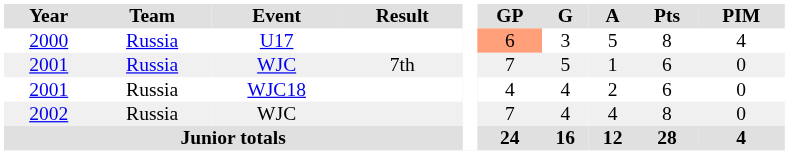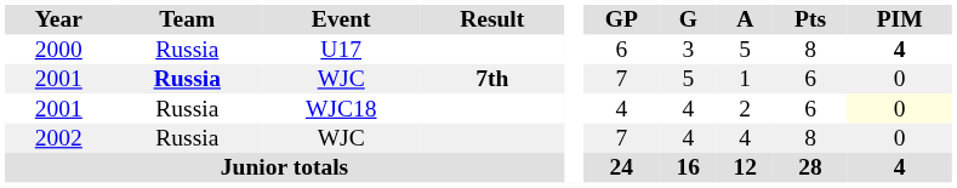 <table border="0" cellpadding="1" cellspacing="0" style="text-align:center; width:40em">
 <tr align="center" bgcolor="#e0e0e0">
 <th>Year</th>
 <th>Team</th>
 <th>Event</th>
 <th>Result</th>
 <th rowspan="99" bgcolor="#ffffff"> </th>
 <th>GP</th>
 <th>G</th>
 <th>A</th>
 <th>Pts</th>
 <th>PIM</th>
 </tr>
 <tr>
 <td><a href='#'>2000</a></td>
 <td><a href='#'>Russia</a></td>
 <td><a href='#'>U17</a></td>
 <td></td>
-<td style="background: lightsalmon;">6</td>
+<td>6</td>
 <td>3</td>
 <td>5</td>
 <td>8</td>
-<td>4</td>
+<td><strong>4</strong></td>
 </tr>
 <tr bgcolor="#f0f0f0">
 <td><a href='#'>2001</a></td>
-<td><a href='#'>Russia</a></td>
+<td><strong><a href='#'>Russia</a></strong></td>
 <td><a href='#'>WJC</a></td>
-<td>7th</td>
+<td><strong>7th</strong></td>
 <td>7</td>
 <td>5</td>
 <td>1</td>
 <td>6</td>
 <td>0</td>
 </tr>
 <tr>
 <td><a href='#'>2001</a></td>
 <td>Russia</td>
 <td><a href='#'>WJC18</a></td>
 <td></td>
 <td>4</td>
 <td>4</td>
 <td>2</td>
 <td>6</td>
-<td>0</td>
+<td style="background: lightyellow;">0</td>
 </tr>
 <tr bgcolor="#f0f0f0">
 <td><a href='#'>2002</a></td>
 <td>Russia</td>
 <td>WJC</td>
 <td></td>
 <td>7</td>
 <td>4</td>
 <td>4</td>
 <td>8</td>
 <td>0</td>
 </tr>
 <tr bgcolor="#e0e0e0">
 <th colspan="4">Junior totals</th>
 <th>24</th>
 <th>16</th>
 <th>12</th>
 <th>28</th>
 <th>4</th>
 </tr>
 </table>
